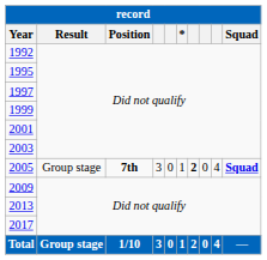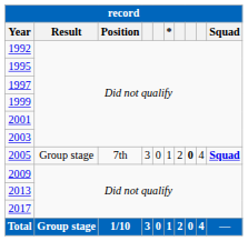 <table class="wikitable" style="text-align: center;">
 <tr>
 <th style="color:white; background:#0066bc;" colspan=10><a href='#'></a> record</th>
 </tr>
 <tr>
 <th>Year</th>
 <th>Result</th>
 <th>Position</th>
 <th></th>
 <th></th>
 <th>*</th>
 <th></th>
 <th></th>
 <th></th>
 <th>Squad</th>
 </tr>
 <tr>
 <td> <a href='#'>1992</a></td>
 <td colspan=9 rowspan=6><em>Did not qualify</em></td>
 </tr>
 <tr>
 <td> <a href='#'>1995</a></td>
 </tr>
 <tr>
 <td> <a href='#'>1997</a></td>
 </tr>
 <tr>
 <td> <a href='#'>1999</a></td>
 </tr>
 <tr>
 <td>  <a href='#'>2001</a></td>
 </tr>
 <tr>
 <td> <a href='#'>2003</a></td>
 </tr>
 <tr>
 <td> <a href='#'>2005</a></td>
 <td>Group stage</td>
-<td><strong>7th</strong></td>
+<td>7th</td>
 <td>3</td>
 <td>0</td>
 <td>1</td>
-<td><strong>2</strong></td>
-<td>0</td>
+<td>2</td>
+<td><strong>0</strong></td>
 <td>4</td>
 <td><strong><a href='#'>Squad</a></strong></td>
 </tr>
 <tr>
 <td> <a href='#'>2009</a></td>
 <td colspan=9 rowspan=3><em>Did not qualify</em></td>
 </tr>
 <tr>
 <td> <a href='#'>2013</a></td>
 </tr>
 <tr>
 <td> <a href='#'>2017</a></td>
 </tr>
 <tr>
 <th style="color:white; background:#0066bc;">Total</th>
 <th style="color:white; background:#0066bc;">Group stage</th>
 <th style="color:white; background:#0066bc;">1/10</th>
 <th style="color:white; background:#0066bc;">3</th>
 <th style="color:white; background:#0066bc;">0</th>
 <th style="color:white; background:#0066bc;">1</th>
 <th style="color:white; background:#0066bc;">2</th>
 <th style="color:white; background:#0066bc;">0</th>
 <th style="color:white; background:#0066bc;">4</th>
 <th style="color:white; background:#0066bc;">—</th>
 </tr>
 </table>
